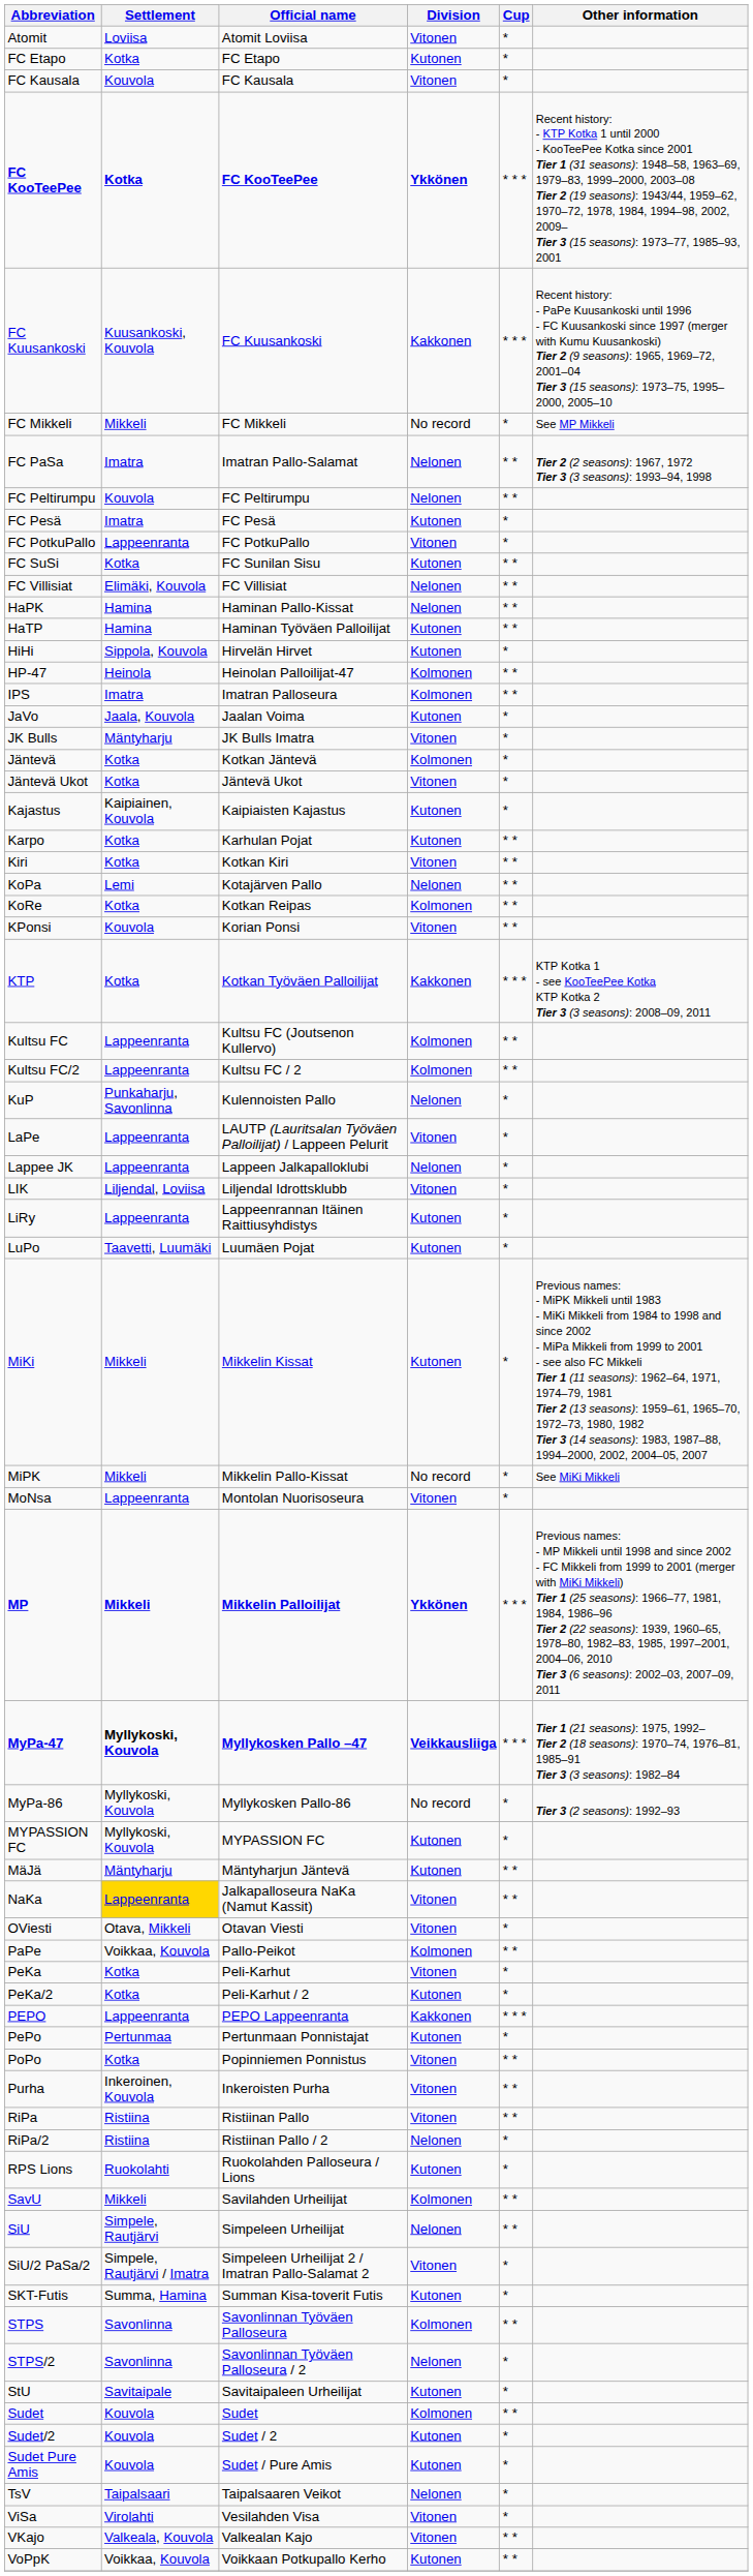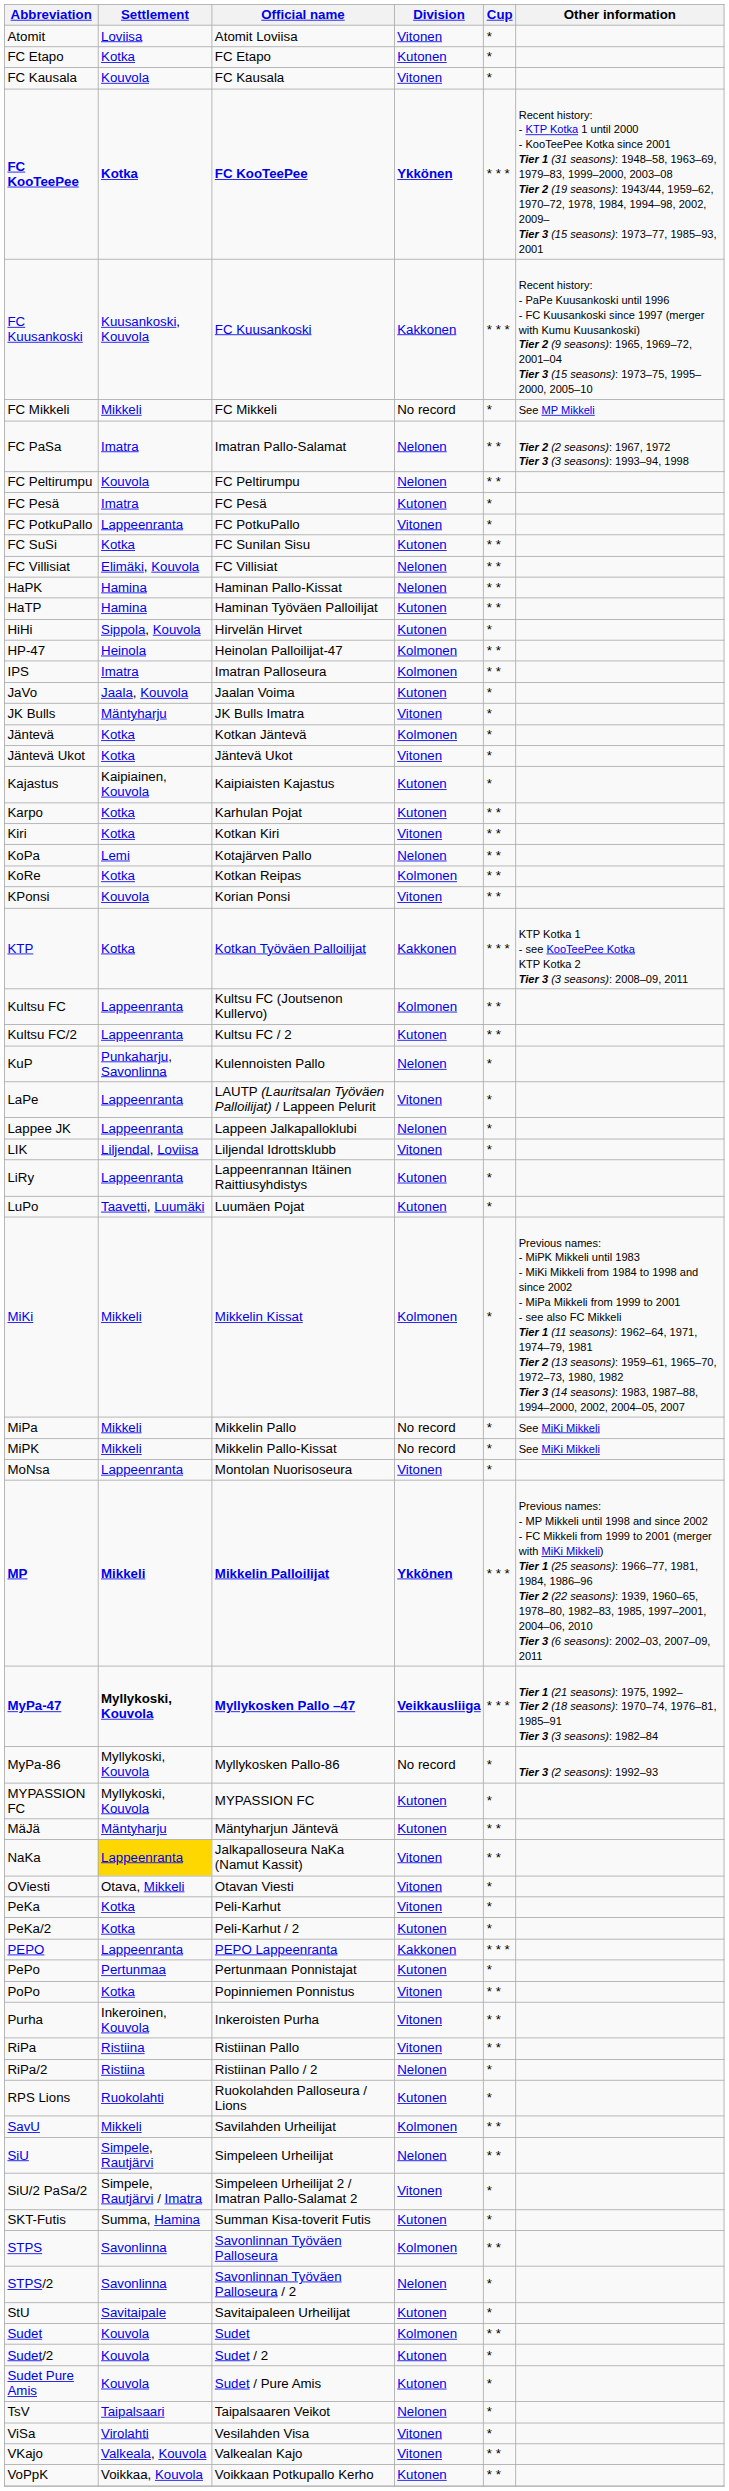 <table class="wikitable" style="text-align:left">
 <tr>
 <th style= width="120px"><a href='#'>Abbreviation</a></th>
 <th style= width="110px"><a href='#'>Settlement</a></th>
 <th style= width="200px"><a href='#'>Official name</a></th>
 <th style= width="80px"><a href='#'>Division</a></th>
 <th style= width="40px"><a href='#'>Cup</a></th>
 <th style= width="300px">Other information</th>
 </tr>
 <tr>
 <td>Atomit</td>
 <td><a href='#'>Loviisa</a></td>
 <td>Atomit Loviisa</td>
 <td><a href='#'>Vitonen</a></td>
 <td>*</td>
 <td></td>
 </tr>
 <tr>
 <td>FC Etapo</td>
 <td><a href='#'>Kotka</a></td>
 <td>FC Etapo</td>
 <td><a href='#'>Kutonen</a></td>
 <td>*</td>
 <td></td>
 </tr>
 <tr>
 <td>FC Kausala</td>
 <td><a href='#'>Kouvola</a></td>
 <td>FC Kausala</td>
 <td><a href='#'>Vitonen</a></td>
 <td>*</td>
 <td></td>
 </tr>
 <tr>
 <td><strong><a href='#'>FC KooTeePee</a></strong></td>
 <td><strong><a href='#'>Kotka</a></strong></td>
 <td><strong><a href='#'>FC KooTeePee</a></strong></td>
 <td><strong><a href='#'>Ykkönen</a></strong></td>
 <td>* * *</td>
 <td><br><small>Recent history:</small><br> <small>- <a href='#'>KTP Kotka</a> 1 until 2000</small><br> <small>- KooTeePee Kotka since 2001</small><br> <small><strong><em>Tier 1</em></strong> <em>(31 seasons)</em>: 1948–58, 1963–69, 1979–83, 1999–2000, 2003–08</small><br> <small><strong><em>Tier 2</em></strong> <em>(19 seasons)</em>: 1943/44, 1959–62, 1970–72, 1978, 1984, 1994–98, 2002, 2009–</small><br> <small><strong><em>Tier 3</em></strong> <em>(15 seasons)</em>: 1973–77, 1985–93, 2001</small><br></td>
 </tr>
 <tr>
 <td><a href='#'>FC Kuusankoski</a></td>
 <td><a href='#'>Kuusankoski</a>, <a href='#'>Kouvola</a></td>
 <td><a href='#'>FC Kuusankoski</a></td>
 <td><a href='#'>Kakkonen</a></td>
 <td>* * *</td>
 <td><br><small>Recent history:</small><br> <small>- PaPe Kuusankoski until 1996</small><br> <small>- FC Kuusankoski since 1997 (merger with Kumu Kuusankoski)</small><br> <small><strong><em>Tier 2</em></strong> <em>(9 seasons)</em>: 1965, 1969–72, 2001–04</small><br> <small><strong><em>Tier 3</em></strong> <em>(15 seasons)</em>: 1973–75, 1995–2000, 2005–10</small><br></td>
 </tr>
 <tr>
 <td>FC Mikkeli</td>
 <td><a href='#'>Mikkeli</a></td>
 <td>FC Mikkeli</td>
 <td>No record</td>
 <td>*</td>
 <td><small>See <a href='#'>MP Mikkeli</a></small><br></td>
 </tr>
 <tr>
 <td>FC PaSa</td>
 <td><a href='#'>Imatra</a></td>
 <td>Imatran Pallo-Salamat</td>
 <td><a href='#'>Nelonen</a></td>
 <td>* *</td>
 <td><br><small><strong><em>Tier 2</em></strong> <em>(2 seasons)</em>: 1967, 1972</small><br> <small><strong><em>Tier 3</em></strong> <em>(3 seasons)</em>: 1993–94, 1998</small><br></td>
 </tr>
 <tr>
 <td>FC Peltirumpu</td>
 <td><a href='#'>Kouvola</a></td>
 <td>FC Peltirumpu</td>
 <td><a href='#'>Nelonen</a></td>
 <td>* *</td>
 <td></td>
 </tr>
 <tr>
 <td>FC Pesä</td>
 <td><a href='#'>Imatra</a></td>
 <td>FC Pesä</td>
 <td><a href='#'>Kutonen</a></td>
 <td>*</td>
 <td></td>
 </tr>
 <tr>
 <td>FC PotkuPallo</td>
 <td><a href='#'>Lappeenranta</a></td>
 <td>FC PotkuPallo</td>
 <td><a href='#'>Vitonen</a></td>
 <td>*</td>
 <td></td>
 </tr>
 <tr>
 <td>FC SuSi</td>
 <td><a href='#'>Kotka</a></td>
 <td>FC Sunilan Sisu</td>
 <td><a href='#'>Kutonen</a></td>
 <td>* *</td>
 <td></td>
 </tr>
 <tr>
 <td>FC Villisiat</td>
 <td><a href='#'>Elimäki</a>, <a href='#'>Kouvola</a></td>
 <td>FC Villisiat</td>
 <td><a href='#'>Nelonen</a></td>
 <td>* *</td>
 <td></td>
 </tr>
 <tr>
 <td>HaPK</td>
 <td><a href='#'>Hamina</a></td>
 <td>Haminan Pallo-Kissat</td>
 <td><a href='#'>Nelonen</a></td>
 <td>* *</td>
 <td></td>
 </tr>
 <tr>
 <td>HaTP</td>
 <td><a href='#'>Hamina</a></td>
 <td>Haminan Työväen Palloilijat</td>
 <td><a href='#'>Kutonen</a></td>
 <td>* *</td>
 <td></td>
 </tr>
 <tr>
 <td>HiHi</td>
 <td><a href='#'>Sippola</a>, <a href='#'>Kouvola</a></td>
 <td>Hirvelän Hirvet</td>
 <td><a href='#'>Kutonen</a></td>
 <td>*</td>
 <td></td>
 </tr>
 <tr>
 <td>HP-47</td>
 <td><a href='#'>Heinola</a></td>
 <td>Heinolan Palloilijat-47</td>
 <td><a href='#'>Kolmonen</a></td>
 <td>* *</td>
 <td></td>
 </tr>
 <tr>
 <td>IPS</td>
 <td><a href='#'>Imatra</a></td>
 <td>Imatran Palloseura</td>
 <td><a href='#'>Kolmonen</a></td>
 <td>* *</td>
 <td></td>
 </tr>
 <tr>
 <td>JaVo</td>
 <td><a href='#'>Jaala</a>, <a href='#'>Kouvola</a></td>
 <td>Jaalan Voima</td>
 <td><a href='#'>Kutonen</a></td>
 <td>*</td>
 <td></td>
 </tr>
 <tr>
 <td>JK Bulls</td>
 <td><a href='#'>Mäntyharju</a></td>
 <td>JK Bulls Imatra</td>
 <td><a href='#'>Vitonen</a></td>
 <td>*</td>
 <td></td>
 </tr>
 <tr>
 <td>Jäntevä</td>
 <td><a href='#'>Kotka</a></td>
 <td>Kotkan Jäntevä</td>
 <td><a href='#'>Kolmonen</a></td>
 <td>*</td>
 <td></td>
 </tr>
 <tr>
 <td>Jäntevä Ukot</td>
 <td><a href='#'>Kotka</a></td>
 <td>Jäntevä Ukot</td>
 <td><a href='#'>Vitonen</a></td>
 <td>*</td>
 <td></td>
 </tr>
 <tr>
 <td>Kajastus</td>
 <td>Kaipiainen, <a href='#'>Kouvola</a></td>
 <td>Kaipiaisten Kajastus</td>
 <td><a href='#'>Kutonen</a></td>
 <td>*</td>
 <td></td>
 </tr>
 <tr>
 <td>Karpo</td>
 <td><a href='#'>Kotka</a></td>
 <td>Karhulan Pojat</td>
 <td><a href='#'>Kutonen</a></td>
 <td>* *</td>
 <td></td>
 </tr>
 <tr>
 <td>Kiri</td>
 <td><a href='#'>Kotka</a></td>
 <td>Kotkan Kiri</td>
 <td><a href='#'>Vitonen</a></td>
 <td>* *</td>
 <td></td>
 </tr>
 <tr>
 <td>KoPa</td>
 <td><a href='#'>Lemi</a></td>
 <td>Kotajärven Pallo</td>
 <td><a href='#'>Nelonen</a></td>
 <td>* *</td>
 <td></td>
 </tr>
 <tr>
 <td>KoRe</td>
 <td><a href='#'>Kotka</a></td>
 <td>Kotkan Reipas</td>
 <td><a href='#'>Kolmonen</a></td>
 <td>* *</td>
 <td></td>
 </tr>
 <tr>
 <td>KPonsi</td>
 <td><a href='#'>Kouvola</a></td>
 <td>Korian Ponsi</td>
 <td><a href='#'>Vitonen</a></td>
 <td>* *</td>
 <td></td>
 </tr>
 <tr>
 <td><a href='#'>KTP</a></td>
 <td><a href='#'>Kotka</a></td>
 <td><a href='#'>Kotkan Työväen Palloilijat</a></td>
 <td><a href='#'>Kakkonen</a></td>
 <td>* * *</td>
 <td><br><small>KTP Kotka 1</small><br> <small>- see <a href='#'>KooTeePee Kotka</a></small><br> <small>KTP Kotka 2</small><br> <small><strong><em>Tier 3</em></strong> <em>(3 seasons)</em>: 2008–09, 2011</small><br></td>
 </tr>
 <tr>
 <td>Kultsu FC</td>
 <td><a href='#'>Lappeenranta</a></td>
 <td>Kultsu FC (Joutsenon Kullervo)</td>
 <td><a href='#'>Kolmonen</a></td>
 <td>* *</td>
 <td></td>
 </tr>
 <tr>
 <td>Kultsu FC/2</td>
 <td><a href='#'>Lappeenranta</a></td>
 <td>Kultsu FC / 2</td>
-<td><a href='#'>Kolmonen</a></td>
+<td><a href='#'>Kutonen</a></td>
 <td>* *</td>
 <td></td>
 </tr>
 <tr>
 <td>KuP</td>
 <td><a href='#'>Punkaharju</a>, <a href='#'>Savonlinna</a></td>
 <td>Kulennoisten Pallo</td>
 <td><a href='#'>Nelonen</a></td>
 <td>*</td>
 <td></td>
 </tr>
 <tr>
 <td>LaPe</td>
 <td><a href='#'>Lappeenranta</a></td>
 <td>LAUTP <em>(Lauritsalan Työväen Palloilijat)</em> / Lappeen Pelurit</td>
 <td><a href='#'>Vitonen</a></td>
 <td>*</td>
 <td></td>
 </tr>
 <tr>
 <td>Lappee JK</td>
 <td><a href='#'>Lappeenranta</a></td>
 <td>Lappeen Jalkapalloklubi</td>
 <td><a href='#'>Nelonen</a></td>
 <td>*</td>
 <td></td>
 </tr>
 <tr>
 <td>LIK</td>
 <td><a href='#'>Liljendal</a>, <a href='#'>Loviisa</a></td>
 <td>Liljendal Idrottsklubb</td>
 <td><a href='#'>Vitonen</a></td>
 <td>*</td>
 <td></td>
 </tr>
 <tr>
 <td>LiRy</td>
 <td><a href='#'>Lappeenranta</a></td>
 <td>Lappeenrannan Itäinen Raittiusyhdistys</td>
 <td><a href='#'>Kutonen</a></td>
 <td>*</td>
 <td></td>
 </tr>
 <tr>
 <td>LuPo</td>
 <td><a href='#'>Taavetti</a>, <a href='#'>Luumäki</a></td>
 <td>Luumäen Pojat</td>
 <td><a href='#'>Kutonen</a></td>
 <td>*</td>
 <td></td>
 </tr>
 <tr>
 <td><a href='#'>MiKi</a></td>
 <td><a href='#'>Mikkeli</a></td>
 <td><a href='#'>Mikkelin Kissat</a></td>
-<td><a href='#'>Kutonen</a></td>
+<td><a href='#'>Kolmonen</a></td>
 <td>*</td>
 <td><br><small>Previous names:</small><br> <small>- MiPK Mikkeli until 1983</small><br> <small>- MiKi Mikkeli from 1984 to 1998 and since 2002</small><br> <small>- MiPa Mikkeli from 1999 to 2001</small><br> <small>- see also FC Mikkeli</small><br> <small><strong><em>Tier 1</em></strong> <em>(11 seasons)</em>: 1962–64, 1971, 1974–79, 1981</small><br> <small><strong><em>Tier 2</em></strong> <em>(13 seasons)</em>: 1959–61, 1965–70, 1972–73, 1980, 1982</small><br> <small><strong><em>Tier 3</em></strong> <em>(14 seasons)</em>: 1983, 1987–88, 1994–2000, 2002, 2004–05, 2007</small><br></td>
+</tr>
+<tr>
+<td>MiPa</td>
+<td><a href='#'>Mikkeli</a></td>
+<td>Mikkelin Pallo</td>
+<td>No record</td>
+<td>*</td>
+<td><small>See <a href='#'>MiKi Mikkeli</a></small><br></td>
 </tr>
 <tr>
 <td>MiPK</td>
 <td><a href='#'>Mikkeli</a></td>
 <td>Mikkelin Pallo-Kissat</td>
 <td>No record</td>
 <td>*</td>
 <td><small>See <a href='#'>MiKi Mikkeli</a></small><br></td>
 </tr>
 <tr>
 <td>MoNsa</td>
 <td><a href='#'>Lappeenranta</a></td>
 <td>Montolan Nuorisoseura</td>
 <td><a href='#'>Vitonen</a></td>
 <td>*</td>
 <td></td>
 </tr>
 <tr>
 <td><strong><a href='#'>MP</a></strong></td>
 <td><strong><a href='#'>Mikkeli</a></strong></td>
 <td><strong><a href='#'>Mikkelin Palloilijat</a></strong></td>
 <td><strong><a href='#'>Ykkönen</a></strong></td>
 <td>* * *</td>
 <td><br><small>Previous names:</small><br> <small>- MP Mikkeli until 1998 and since 2002</small><br> <small>- FC Mikkeli from 1999 to 2001 (merger with <a href='#'>MiKi Mikkeli</a>)</small><br> <small><strong><em>Tier 1</em></strong> <em>(25 seasons)</em>: 1966–77, 1981, 1984, 1986–96</small><br> <small><strong><em>Tier 2</em></strong> <em>(22 seasons)</em>: 1939, 1960–65, 1978–80, 1982–83, 1985, 1997–2001, 2004–06, 2010</small><br> <small><strong><em>Tier 3</em></strong> <em>(6 seasons)</em>: 2002–03, 2007–09, 2011</small><br></td>
 </tr>
 <tr>
 <td><strong><a href='#'>MyPa-47</a></strong></td>
 <td><strong>Myllykoski, <a href='#'>Kouvola</a></strong></td>
 <td><strong><a href='#'>Myllykosken Pallo –47</a></strong></td>
 <td><strong><a href='#'>Veikkausliiga</a></strong></td>
 <td>* * *</td>
 <td><br><small><strong><em>Tier 1</em></strong> <em>(21 seasons)</em>: 1975, 1992–</small><br> <small><strong><em>Tier 2</em></strong> <em>(18 seasons)</em>: 1970–74, 1976–81, 1985–91</small><br> <small><strong><em>Tier 3</em></strong> <em>(3 seasons)</em>: 1982–84</small><br></td>
 </tr>
 <tr>
 <td>MyPa-86</td>
 <td>Myllykoski, <a href='#'>Kouvola</a></td>
 <td>Myllykosken Pallo-86</td>
 <td>No record</td>
 <td>*</td>
 <td><br><small><strong><em>Tier 3</em></strong> <em>(2 seasons)</em>: 1992–93</small><br></td>
 </tr>
 <tr>
 <td>MYPASSION FC</td>
 <td>Myllykoski, <a href='#'>Kouvola</a></td>
 <td>MYPASSION FC</td>
 <td><a href='#'>Kutonen</a></td>
 <td>*</td>
 <td></td>
 </tr>
 <tr>
 <td>MäJä</td>
 <td><a href='#'>Mäntyharju</a></td>
 <td>Mäntyharjun Jäntevä</td>
 <td><a href='#'>Kutonen</a></td>
 <td>* *</td>
 <td></td>
 </tr>
 <tr>
 <td>NaKa</td>
 <td style="background: gold;"><a href='#'>Lappeenranta</a></td>
 <td>Jalkapalloseura NaKa (Namut Kassit)</td>
 <td><a href='#'>Vitonen</a></td>
 <td>* *</td>
 <td></td>
 </tr>
 <tr>
 <td>OViesti</td>
 <td>Otava, <a href='#'>Mikkeli</a></td>
 <td>Otavan Viesti</td>
 <td><a href='#'>Vitonen</a></td>
 <td>*</td>
-<td></td>
-</tr>
-<tr>
-<td>PaPe</td>
-<td>Voikkaa, <a href='#'>Kouvola</a></td>
-<td>Pallo-Peikot</td>
-<td><a href='#'>Kolmonen</a></td>
-<td>* *</td>
 <td></td>
 </tr>
 <tr>
 <td>PeKa</td>
 <td><a href='#'>Kotka</a></td>
 <td>Peli-Karhut</td>
 <td><a href='#'>Vitonen</a></td>
 <td>*</td>
 <td></td>
 </tr>
 <tr>
 <td>PeKa/2</td>
 <td><a href='#'>Kotka</a></td>
 <td>Peli-Karhut / 2</td>
 <td><a href='#'>Kutonen</a></td>
 <td>*</td>
 <td></td>
 </tr>
 <tr>
 <td><a href='#'>PEPO</a></td>
 <td><a href='#'>Lappeenranta</a></td>
 <td><a href='#'>PEPO Lappeenranta</a></td>
 <td><a href='#'>Kakkonen</a></td>
 <td>* * *</td>
 <td></td>
 </tr>
 <tr>
 <td>PePo</td>
 <td><a href='#'>Pertunmaa</a></td>
 <td>Pertunmaan Ponnistajat</td>
 <td><a href='#'>Kutonen</a></td>
 <td>*</td>
 <td></td>
 </tr>
 <tr>
 <td>PoPo</td>
 <td><a href='#'>Kotka</a></td>
 <td>Popinniemen Ponnistus</td>
 <td><a href='#'>Vitonen</a></td>
 <td>* *</td>
 <td></td>
 </tr>
 <tr>
 <td>Purha</td>
 <td>Inkeroinen, <a href='#'>Kouvola</a></td>
 <td>Inkeroisten Purha</td>
 <td><a href='#'>Vitonen</a></td>
 <td>* *</td>
 <td></td>
 </tr>
 <tr>
 <td>RiPa</td>
 <td><a href='#'>Ristiina</a></td>
 <td>Ristiinan Pallo</td>
 <td><a href='#'>Vitonen</a></td>
 <td>* *</td>
 <td></td>
 </tr>
 <tr>
 <td>RiPa/2</td>
 <td><a href='#'>Ristiina</a></td>
 <td>Ristiinan Pallo / 2</td>
 <td><a href='#'>Nelonen</a></td>
 <td>*</td>
 <td></td>
 </tr>
 <tr>
 <td>RPS Lions</td>
 <td><a href='#'>Ruokolahti</a></td>
 <td>Ruokolahden Palloseura / Lions</td>
 <td><a href='#'>Kutonen</a></td>
 <td>*</td>
 <td></td>
 </tr>
 <tr>
 <td><a href='#'>SavU</a></td>
 <td><a href='#'>Mikkeli</a></td>
 <td>Savilahden Urheilijat</td>
 <td><a href='#'>Kolmonen</a></td>
 <td>* *</td>
 <td></td>
 </tr>
 <tr>
 <td><a href='#'>SiU</a></td>
 <td><a href='#'>Simpele</a>, <a href='#'>Rautjärvi</a></td>
 <td>Simpeleen Urheilijat</td>
 <td><a href='#'>Nelonen</a></td>
 <td>* *</td>
 <td></td>
 </tr>
 <tr>
 <td>SiU/2 PaSa/2</td>
 <td>Simpele, <a href='#'>Rautjärvi</a> / <a href='#'>Imatra</a></td>
 <td>Simpeleen Urheilijat 2  /  Imatran Pallo-Salamat 2</td>
 <td><a href='#'>Vitonen</a></td>
 <td>*</td>
 <td></td>
 </tr>
 <tr>
 <td>SKT-Futis</td>
 <td>Summa, <a href='#'>Hamina</a></td>
 <td>Summan Kisa-toverit Futis</td>
 <td><a href='#'>Kutonen</a></td>
 <td>*</td>
 <td></td>
 </tr>
 <tr>
 <td><a href='#'>STPS</a></td>
 <td><a href='#'>Savonlinna</a></td>
 <td><a href='#'>Savonlinnan Työväen Palloseura</a></td>
 <td><a href='#'>Kolmonen</a></td>
 <td>* *</td>
 <td></td>
 </tr>
 <tr>
 <td><a href='#'>STPS</a>/2</td>
 <td><a href='#'>Savonlinna</a></td>
 <td><a href='#'>Savonlinnan Työväen Palloseura</a> / 2</td>
 <td><a href='#'>Nelonen</a></td>
 <td>*</td>
 <td></td>
 </tr>
 <tr>
 <td>StU</td>
 <td><a href='#'>Savitaipale</a></td>
 <td>Savitaipaleen Urheilijat</td>
 <td><a href='#'>Kutonen</a></td>
 <td>*</td>
 <td></td>
 </tr>
 <tr>
 <td><a href='#'>Sudet</a></td>
 <td><a href='#'>Kouvola</a></td>
 <td><a href='#'>Sudet</a></td>
 <td><a href='#'>Kolmonen</a></td>
 <td>* *</td>
 <td></td>
 </tr>
 <tr>
 <td><a href='#'>Sudet</a>/2</td>
 <td><a href='#'>Kouvola</a></td>
 <td><a href='#'>Sudet</a> / 2</td>
 <td><a href='#'>Kutonen</a></td>
 <td>*</td>
 <td></td>
 </tr>
 <tr>
 <td><a href='#'>Sudet Pure Amis</a></td>
 <td><a href='#'>Kouvola</a></td>
 <td><a href='#'>Sudet</a> / Pure Amis</td>
 <td><a href='#'>Kutonen</a></td>
 <td>*</td>
 <td></td>
 </tr>
 <tr>
 <td>TsV</td>
 <td><a href='#'>Taipalsaari</a></td>
 <td>Taipalsaaren Veikot</td>
 <td><a href='#'>Nelonen</a></td>
 <td>*</td>
 <td></td>
 </tr>
 <tr>
 <td>ViSa</td>
 <td><a href='#'>Virolahti</a></td>
 <td>Vesilahden Visa</td>
 <td><a href='#'>Vitonen</a></td>
 <td>*</td>
 <td></td>
 </tr>
 <tr>
 <td>VKajo</td>
 <td><a href='#'>Valkeala</a>, <a href='#'>Kouvola</a></td>
 <td>Valkealan Kajo</td>
 <td><a href='#'>Vitonen</a></td>
 <td>* *</td>
 <td></td>
 </tr>
 <tr>
 <td>VoPpK</td>
 <td>Voikkaa, <a href='#'>Kouvola</a></td>
 <td>Voikkaan Potkupallo Kerho</td>
 <td><a href='#'>Kutonen</a></td>
 <td>* *</td>
 <td></td>
 </tr>
 <tr>
 </tr>
 </table>
